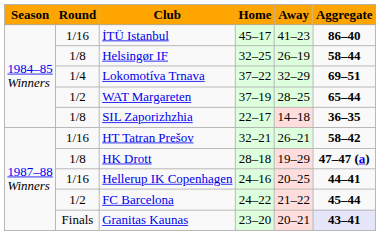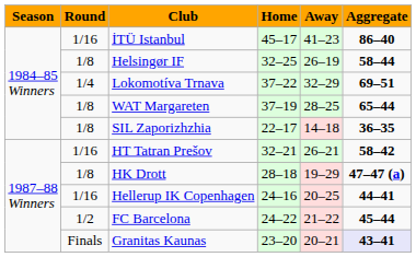 <table class="wikitable">
 <tr>
 <th style="color:black; background:orange">Season</th>
 <th style="color:black; background:orange">Round</th>
 <th style="color:black; background:orange">Club</th>
 <th style="color:black; background:orange">Home</th>
 <th style="color:black; background:orange">Away</th>
 <th style="color:black; background:orange">Aggregate</th>
 </tr>
 <tr>
 <td rowspan=5><a href='#'>1984–85</a><br> <em>Winners</em></td>
 <td align=center>1/16</td>
 <td> <a href='#'>İTÜ Istanbul</a></td>
 <td style="text-align:center; background:#dfd;">45–17</td>
 <td style="text-align:center; background:#dfd;">41–23</td>
 <td style="text-align:center;"><strong>86–40</strong></td>
 </tr>
 <tr>
 <td align=center>1/8</td>
 <td> <a href='#'>Helsingør IF</a></td>
 <td style="text-align:center; background:#dfd;">32–25</td>
 <td style="text-align:center; background:#dfd;">26–19</td>
 <td style="text-align:center;"><strong>58–44</strong></td>
 </tr>
 <tr>
 <td align=center>1/4</td>
 <td> <a href='#'>Lokomotíva Trnava</a></td>
 <td style="text-align:center; background:#dfd;">37–22</td>
 <td style="text-align:center; background:#dfd;">32–29</td>
 <td style="text-align:center;"><strong>69–51</strong></td>
 </tr>
 <tr>
-<td align=center>1/2</td>
+<td align=center>1/8</td>
 <td> <a href='#'>WAT Margareten</a></td>
 <td style="text-align:center; background:#dfd;">37–19</td>
 <td style="text-align:center; background:#dfd;">28–25</td>
 <td style="text-align:center;"><strong>65–44</strong></td>
 </tr>
 <tr>
 <td align=center>1/8</td>
 <td> <a href='#'>SIL Zaporizhzhia</a></td>
 <td style="text-align:center; background:#dfd;">22–17</td>
 <td style="text-align:center; background:#fdd;">14–18</td>
 <td style="text-align:center;"><strong>36–35</strong></td>
 </tr>
 <tr>
 <td rowspan=5><a href='#'>1987–88</a><br> <em>Winners</em></td>
 <td align=center>1/16</td>
 <td> <a href='#'>HT Tatran Prešov</a></td>
 <td style="text-align:center; background:#dfd;">32–21</td>
 <td style="text-align:center; background:#dfd;">26–21</td>
 <td style="text-align:center;"><strong>58–42</strong></td>
 </tr>
 <tr>
 <td align=center>1/8</td>
 <td> <a href='#'>HK Drott</a></td>
 <td style="text-align:center; background:#dfd;">28–18</td>
 <td style="text-align:center; background:#fdd;">19–29</td>
 <td style="text-align:center;"><strong>47–47 (<a href='#'>a</a>)</strong></td>
 </tr>
 <tr>
 <td align=center>1/16</td>
 <td> <a href='#'>Hellerup IK Copenhagen</a></td>
 <td style="text-align:center; background:#dfd;">24–16</td>
 <td style="text-align:center; background:#fdd;">20–25</td>
 <td style="text-align:center;"><strong>44–41</strong></td>
 </tr>
 <tr>
 <td align=center>1/2</td>
 <td> <a href='#'>FC Barcelona</a></td>
 <td style="text-align:center; background:#dfd;">24–22</td>
 <td style="text-align:center; background:#fdd;">21–22</td>
 <td style="text-align:center;"><strong>45–44</strong></td>
 </tr>
 <tr>
 <td align=center>Finals</td>
 <td> <a href='#'>Granitas Kaunas</a></td>
 <td style="text-align:center; background:#dfd;">23–20</td>
 <td style="text-align:center; background:#fdd;">20–21</td>
 <td style="background: lavender; text-align:center;"><strong>43–41</strong></td>
 </tr>
 </table>
